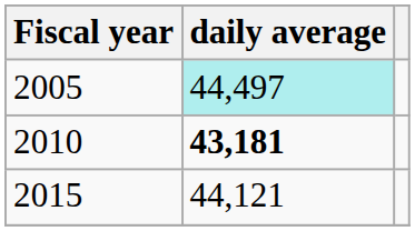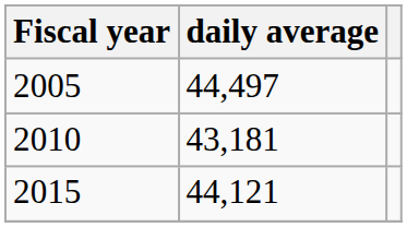 <table class="wikitable">
 <tr>
 <th>Fiscal year</th>
 <th>daily average</th>
 <th></th>
 </tr>
 <tr>
 <td>2005</td>
-<td style="background: paleturquoise;">44,497</td>
+<td>44,497</td>
 <td></td>
 </tr>
 <tr>
 <td>2010</td>
-<td><strong>43,181</strong></td>
+<td>43,181</td>
 <td></td>
 </tr>
 <tr>
 <td>2015</td>
 <td>44,121</td>
 <td></td>
 </tr>
 <tr>
 </tr>
 </table>
